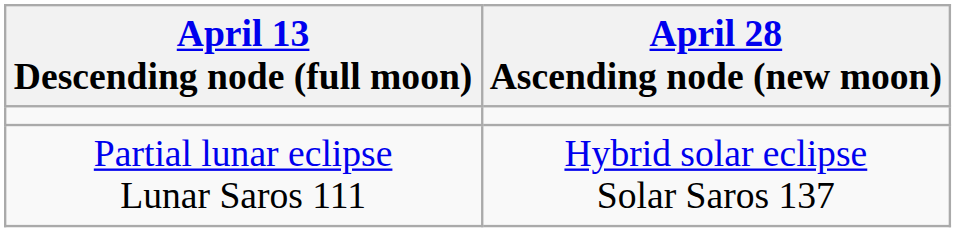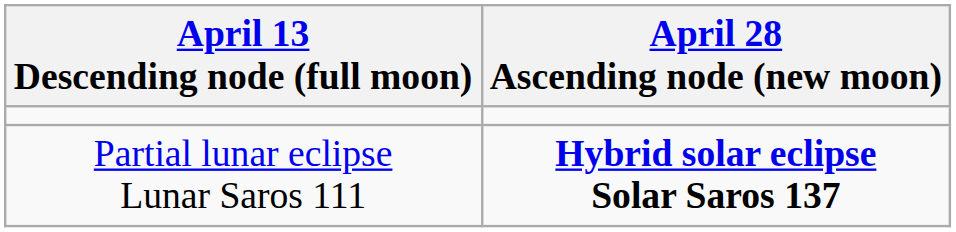 <table class="wikitable">
 <tr>
 <th><a href='#'>April 13</a><br>Descending node (full moon)</th>
 <th><a href='#'>April 28</a><br>Ascending node (new moon)</th>
 </tr>
 <tr>
 <td></td>
 <td></td>
 </tr>
 <tr align=center>
 <td><a href='#'>Partial lunar eclipse</a><br>Lunar Saros 111</td>
-<td><a href='#'>Hybrid solar eclipse</a><br>Solar Saros 137</td>
+<td><strong><a href='#'>Hybrid solar eclipse</a><br>Solar Saros 137</strong></td>
 </tr>
 </table>
